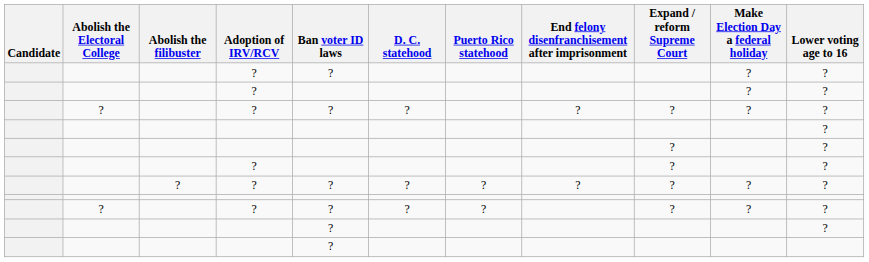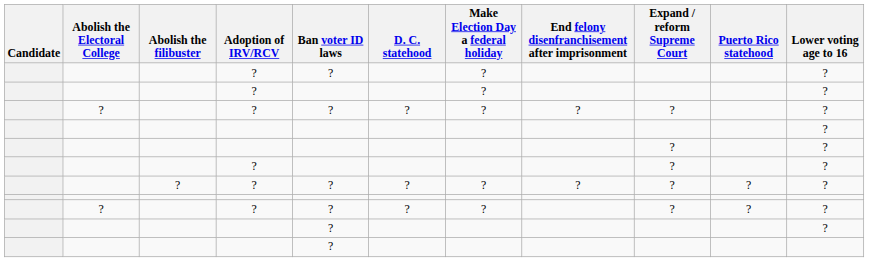 <table class="wikitable sortable" style=margin:auto;table-layout:fixed;text-align:center>
 <tr valign=bottom>
 <th>Candidate</th>
 <th style=max-width:6em>Abolish the <a href='#'>Electoral College</a></th>
 <th style=max-width:6em>Abolish the <a href='#'>filibuster</a></th>
 <th style=max-width:6em>Adoption of <a href='#'>IRV/RCV</a></th>
 <th style=max-width:6em>Ban <a href='#'>voter ID</a> laws</th>
 <th style=max-width:6em><a href='#'>D. C. statehood</a></th>
-<th style=max-width:6em><a href='#'>Puerto Rico statehood</a></th>
+<th style=max-width:6em>Make <a href='#'>Election Day</a> a <a href='#'>federal holiday</a></th>
 <th style=max-width:9em>End <a href='#'>felony disenfranchisement</a> after imprisonment</th>
 <th style=max-width:6em>Expand / reform <a href='#'>Supreme Court</a></th>
-<th style=max-width:6em>Make <a href='#'>Election Day</a> a <a href='#'>federal holiday</a></th>
+<th style=max-width:6em><a href='#'>Puerto Rico statehood</a></th>
 <th style=max-width:6em>Lower voting age to 16</th>
 </tr>
 <tr>
 <th></th>
 <td></td>
 <td></td>
 <td>?</td>
 <td>?</td>
 <td></td>
+<td>?</td>
 <td></td>
 <td></td>
 <td></td>
-<td>?</td>
 <td>?</td>
 </tr>
 <tr>
 <th></th>
 <td></td>
 <td></td>
 <td>?</td>
 <td></td>
 <td></td>
+<td>?</td>
 <td></td>
 <td></td>
 <td></td>
-<td>?</td>
 <td>?</td>
 </tr>
 <tr>
 <th></th>
 <td>?</td>
 <td></td>
 <td>?</td>
 <td>?</td>
 <td>?</td>
-<td></td>
 <td>?</td>
 <td>?</td>
 <td>?</td>
+<td></td>
 <td>?</td>
 </tr>
 <tr>
 <th></th>
 <td></td>
 <td></td>
 <td></td>
 <td></td>
 <td></td>
 <td></td>
 <td></td>
 <td></td>
 <td></td>
 <td>?</td>
 </tr>
 <tr>
 <th></th>
 <td></td>
 <td></td>
 <td></td>
 <td></td>
 <td></td>
 <td></td>
 <td></td>
 <td>?</td>
 <td></td>
 <td>?</td>
 </tr>
 <tr>
 <th></th>
 <td></td>
 <td></td>
 <td>?</td>
 <td></td>
 <td></td>
 <td></td>
 <td></td>
 <td>?</td>
 <td></td>
 <td>?</td>
 </tr>
 <tr>
 <th></th>
 <td></td>
 <td>?</td>
 <td>?</td>
 <td>?</td>
 <td>?</td>
 <td>?</td>
 <td>?</td>
 <td>?</td>
 <td>?</td>
 <td>?</td>
 </tr>
 <tr>
 <th></th>
 <td></td>
 <td></td>
 <td></td>
 <td></td>
 <td></td>
 <td></td>
 <td></td>
 <td></td>
 <td></td>
 <td></td>
 </tr>
 <tr>
 <th></th>
 <td>?</td>
 <td></td>
 <td>?</td>
 <td>?</td>
 <td>?</td>
 <td>?</td>
 <td></td>
 <td>?</td>
 <td>?</td>
 <td>?</td>
 </tr>
 <tr>
 <th></th>
 <td></td>
 <td></td>
 <td></td>
 <td>?</td>
 <td></td>
 <td></td>
 <td></td>
 <td></td>
 <td></td>
 <td>?</td>
 </tr>
 <tr>
 <th></th>
 <td></td>
 <td></td>
 <td></td>
 <td>?</td>
 <td></td>
 <td></td>
 <td></td>
 <td></td>
 <td></td>
 <td></td>
 </tr>
 </table>
